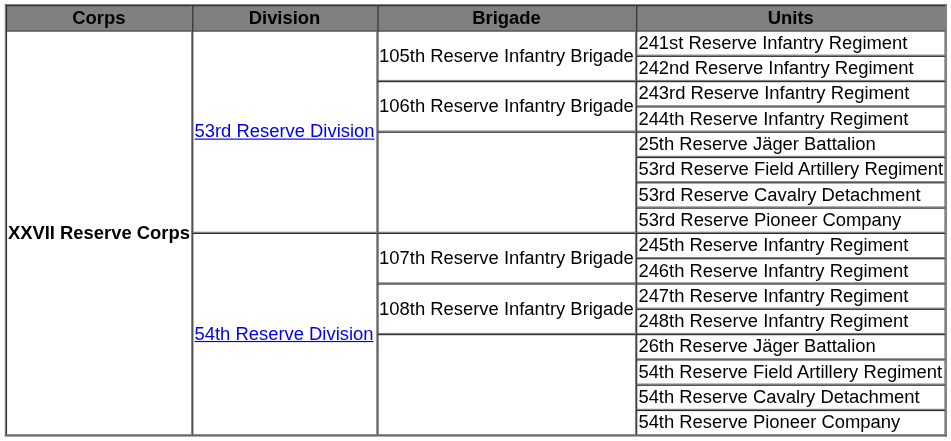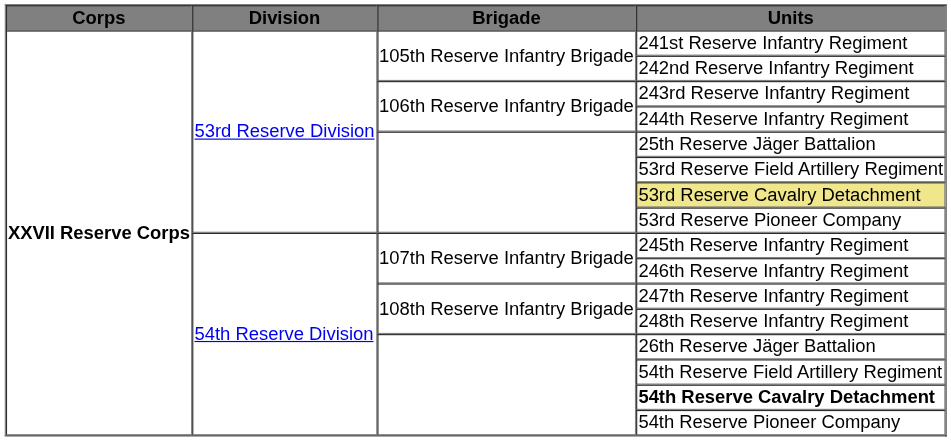 <table style="float: right;" border="1" cellpadding="1" cellspacing="0" style="font-size: 100%; border: gray solid 1px; border-collapse: collapse; text-align: center;">
 <tr style="background-color:grey; color:black;">
 <th>Corps</th>
 <th>Division</th>
 <th>Brigade</th>
 <th>Units</th>
 </tr>
 <tr>
 <td ROWSPAN=16><strong>XXVII Reserve Corps</strong></td>
 <td ROWSPAN=8><a href='#'>53rd Reserve Division</a></td>
 <td ROWSPAN=2>105th Reserve Infantry Brigade</td>
 <td>241st Reserve Infantry Regiment</td>
 </tr>
 <tr>
 <td>242nd Reserve Infantry Regiment</td>
 </tr>
 <tr>
 <td ROWSPAN=2>106th Reserve Infantry Brigade</td>
 <td>243rd Reserve Infantry Regiment</td>
 </tr>
 <tr>
 <td>244th Reserve Infantry Regiment</td>
 </tr>
 <tr>
 <td ROWSPAN=4></td>
 <td>25th Reserve Jäger Battalion</td>
 </tr>
 <tr>
 <td>53rd Reserve Field Artillery Regiment</td>
 </tr>
 <tr>
-<td>53rd Reserve Cavalry Detachment</td>
+<td style="background: khaki;">53rd Reserve Cavalry Detachment</td>
 </tr>
 <tr>
 <td>53rd Reserve Pioneer Company</td>
 </tr>
 <tr>
 <td ROWSPAN=8><a href='#'>54th Reserve Division</a></td>
 <td ROWSPAN=2>107th Reserve Infantry Brigade</td>
 <td>245th Reserve Infantry Regiment</td>
 </tr>
 <tr>
 <td>246th Reserve Infantry Regiment</td>
 </tr>
 <tr>
 <td ROWSPAN=2>108th Reserve Infantry Brigade</td>
 <td>247th Reserve Infantry Regiment</td>
 </tr>
 <tr>
 <td>248th Reserve Infantry Regiment</td>
 </tr>
 <tr>
 <td ROWSPAN=4></td>
 <td>26th Reserve Jäger Battalion</td>
 </tr>
 <tr>
 <td>54th Reserve Field Artillery Regiment</td>
 </tr>
 <tr>
-<td>54th Reserve Cavalry Detachment</td>
+<td><strong>54th Reserve Cavalry Detachment</strong></td>
 </tr>
 <tr>
 <td>54th Reserve Pioneer Company</td>
 </tr>
 <tr>
 </tr>
 </table>
